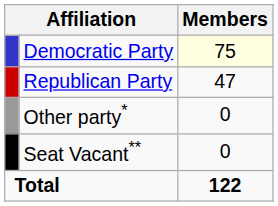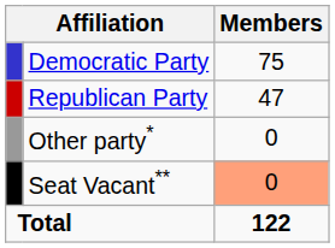 <table class="wikitable">
 <tr>
 <th colspan=2>Affiliation</th>
 <th>Members</th>
 </tr>
 <tr>
 <td bgcolor="#3333CC"> </td>
 <td><a href='#'>Democratic Party</a></td>
-<td align=center style="background: lightyellow;">75</td>
+<td align=center>75</td>
 </tr>
 <tr>
 <td bgcolor="#CC0000"> </td>
 <td><a href='#'>Republican Party</a></td>
 <td align=center>47</td>
 </tr>
 <tr>
 <td bgcolor="#999999"> </td>
 <td>Other party<sup>*</sup></td>
 <td align=center>0</td>
 </tr>
 <tr>
 <td bgcolor="black"> </td>
 <td>Seat Vacant<sup>**</sup></td>
-<td align=center>0</td>
+<td align=center style="background: lightsalmon;">0</td>
 </tr>
 <tr>
 <td colspan=2> <strong>Total</strong></td>
 <td align=center><strong>122</strong></td>
 </tr>
 </table>
